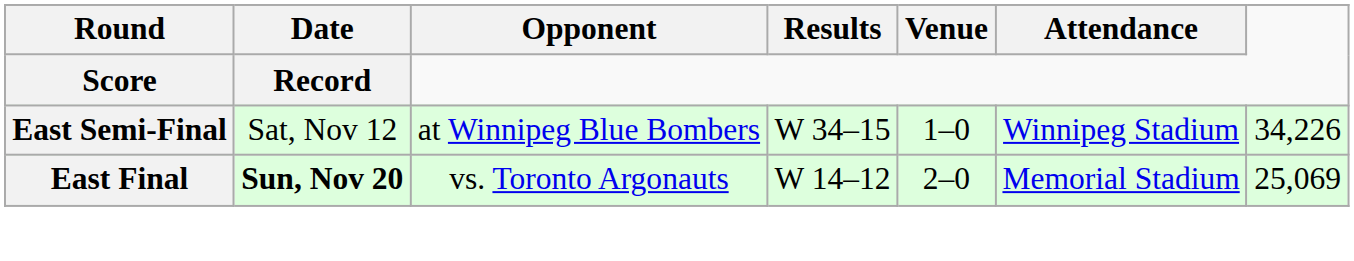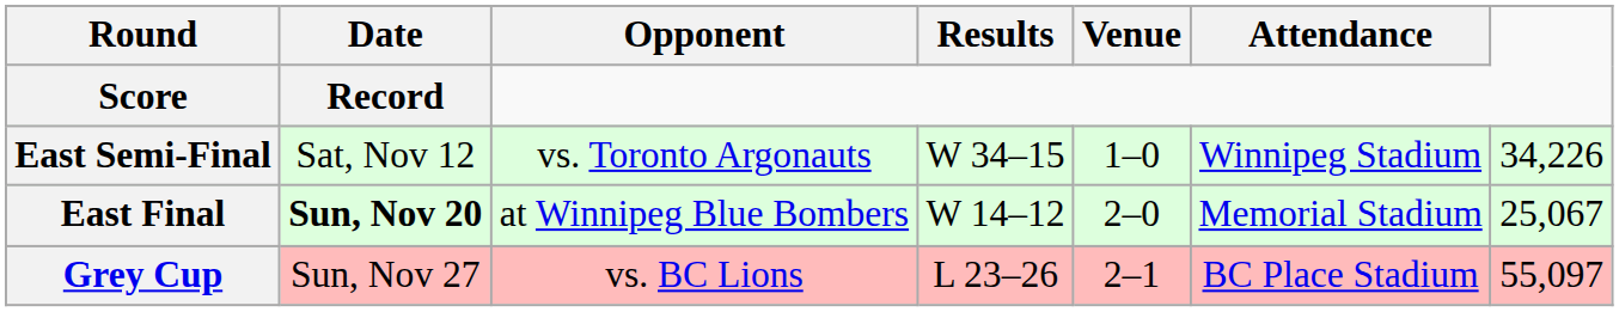 <table class="wikitable" style="text-align:center">
 <tr>
 <th>Round</th>
 <th>Date</th>
 <th>Opponent</th>
 <th>Results</th>
 <th>Venue</th>
 <th>Attendance</th>
 </tr>
 <tr>
 <th>Score</th>
 <th>Record</th>
 </tr>
 <tr style="background:#ddffdd">
 <th>East Semi-Final</th>
 <td>Sat, Nov 12</td>
-<td>at <a href='#'>Winnipeg Blue Bombers</a></td>
+<td>vs. <a href='#'>Toronto Argonauts</a></td>
 <td>W 34–15</td>
 <td>1–0</td>
 <td><a href='#'>Winnipeg Stadium</a></td>
 <td>34,226</td>
 </tr>
 <tr style="background:#ddffdd">
 <th>East Final</th>
 <td><strong>Sun, Nov 20</strong></td>
-<td>vs. <a href='#'>Toronto Argonauts</a></td>
+<td>at <a href='#'>Winnipeg Blue Bombers</a></td>
 <td>W 14–12</td>
 <td>2–0</td>
 <td><a href='#'>Memorial Stadium</a></td>
-<td>25,069</td>
+<td>25,067</td>
+</tr>
+<tr style="background:#ffbbbb">
+<th><a href='#'>Grey Cup</a></th>
+<td>Sun, Nov 27</td>
+<td>vs. <a href='#'>BC Lions</a></td>
+<td>L 23–26</td>
+<td>2–1</td>
+<td><a href='#'>BC Place Stadium</a></td>
+<td>55,097</td>
 </tr>
 </table>
